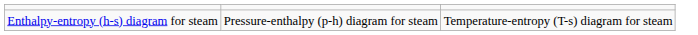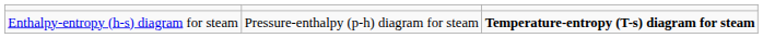 <table class="wikitable">
 <tr>
 <td></td>
 <td></td>
 <td></td>
 </tr>
 <tr>
 <td><a href='#'>Enthalpy-entropy (h-s) diagram</a> for steam</td>
 <td>Pressure-enthalpy (p-h) diagram for steam</td>
-<td>Temperature-entropy (T-s) diagram for steam</td>
+<td><strong>Temperature-entropy (T-s) diagram for steam</strong></td>
 </tr>
 </table>
